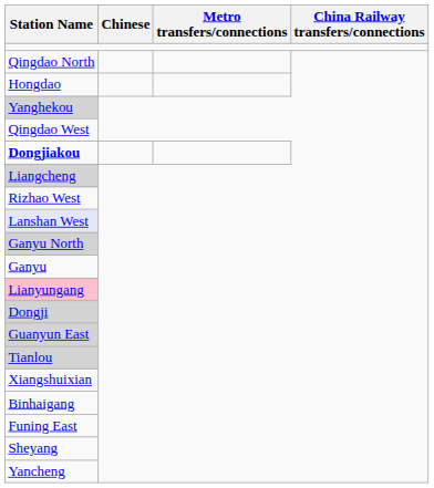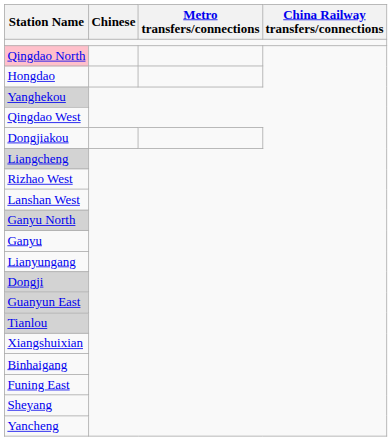 <table class="wikitable">
 <tr>
 <th>Station Name</th>
 <th>Chinese<br></th>
 <th><a href='#'>Metro</a><br>transfers/connections</th>
 <th><a href='#'>China Railway</a><br>transfers/connections<br></th>
 </tr>
 <tr style="background:#">
 <td colspan = "11"></td>
 </tr>
 <tr>
-<td><a href='#'>Qingdao North</a></td>
+<td style="background: pink;"><a href='#'>Qingdao North</a></td>
 <td></td>
 <td>   </td>
 </tr>
 <tr>
 <td><a href='#'>Hongdao</a></td>
 <td></td>
 <td> </td>
 </tr>
 <tr bgcolor="lightgrey">
 <td><a href='#'>Yanghekou</a></td>
 </tr>
 <tr>
 <td><a href='#'>Qingdao West</a></td>
 </tr>
 <tr>
-<td><strong><a href='#'>Dongjiakou</a></strong></td>
+<td><a href='#'>Dongjiakou</a></td>
 <td></td>
 <td> </td>
 </tr>
 <tr bgcolor="lightgrey">
 <td><a href='#'>Liangcheng</a></td>
 </tr>
 <tr>
 <td><a href='#'>Rizhao West</a></td>
 </tr>
 <tr>
-<td style="background: lavender;"><a href='#'>Lanshan West</a></td>
+<td><a href='#'>Lanshan West</a></td>
 </tr>
 <tr bgcolor="lightgrey">
 <td><a href='#'>Ganyu North</a></td>
 </tr>
 <tr>
 <td><a href='#'>Ganyu</a></td>
 </tr>
 <tr>
-<td style="background: pink;"><a href='#'>Lianyungang</a></td>
+<td><a href='#'>Lianyungang</a></td>
 </tr>
 <tr bgcolor="lightgrey">
 <td><a href='#'>Dongji</a></td>
 </tr>
 <tr bgcolor="lightgrey">
 <td><a href='#'>Guanyun East</a></td>
 </tr>
 <tr bgcolor="lightgrey">
 <td><a href='#'>Tianlou</a></td>
 </tr>
 <tr>
 <td><a href='#'>Xiangshuixian</a></td>
 </tr>
 <tr>
 <td><a href='#'>Binhaigang</a></td>
 </tr>
 <tr>
 <td><a href='#'>Funing East</a></td>
 </tr>
 <tr>
 <td><a href='#'>Sheyang</a></td>
 </tr>
 <tr>
 <td><a href='#'>Yancheng</a></td>
 </tr>
 </table>
